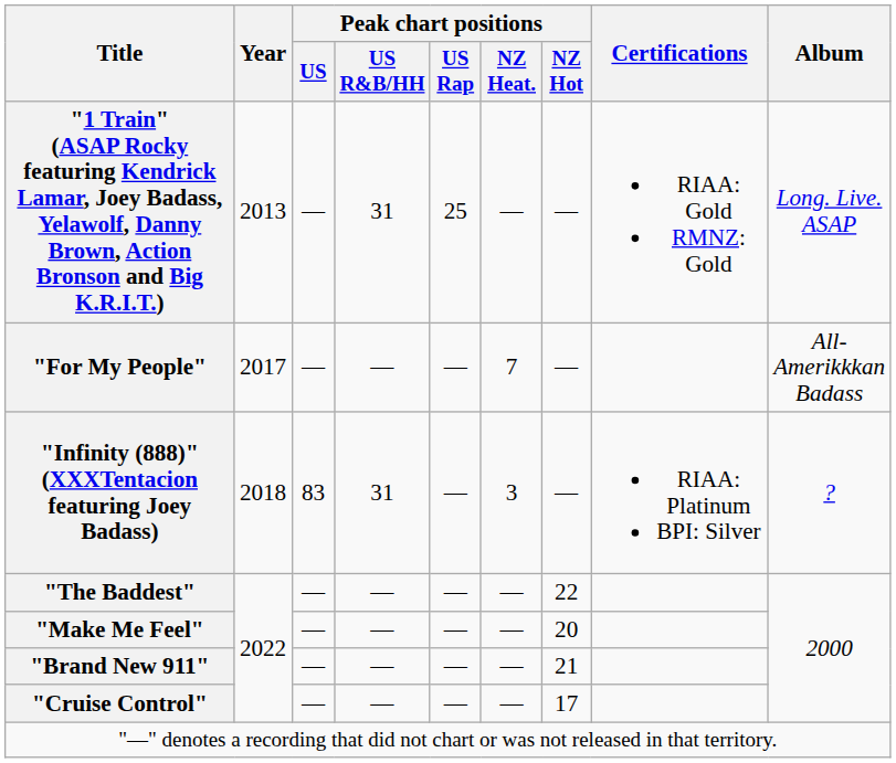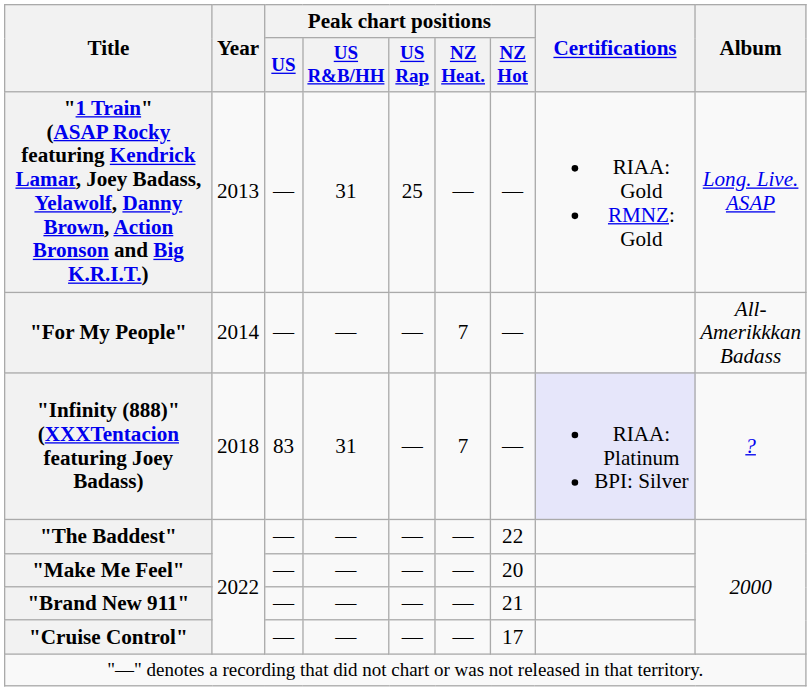 <table class="wikitable plainrowheaders" style="text-align:center;">
 <tr>
 <th scope="col" rowspan="2" style="width:22em;">Title</th>
 <th scope="col" rowspan="2">Year</th>
 <th scope="col" colspan="5">Peak chart positions</th>
 <th scope="col" rowspan="2" style="width:12em;"><a href='#'>Certifications</a></th>
 <th scope="col" rowspan="2">Album</th>
 </tr>
 <tr>
 <th scope="col" style="width:3em;font-size:90%;"><a href='#'>US</a><br></th>
 <th scope="col" style="width:3em;font-size:90%;"><a href='#'>US R&B/HH</a><br></th>
 <th scope="col" style="width:3em;font-size:90%;"><a href='#'>US Rap</a><br></th>
 <th scope="col" style="width:3em;font-size:90%;"><a href='#'>NZ<br>Heat.</a><br></th>
 <th scope="col" style="width:3em;font-size:90%;"><a href='#'>NZ<br>Hot</a><br></th>
 </tr>
 <tr>
 <th scope="row">"<a href='#'>1 Train</a>"<br><span>(<a href='#'>ASAP Rocky</a> featuring <a href='#'>Kendrick Lamar</a>, Joey Badass, <a href='#'>Yelawolf</a>, <a href='#'>Danny Brown</a>, <a href='#'>Action Bronson</a> and <a href='#'>Big K.R.I.T.</a>)</span></th>
 <td>2013</td>
 <td>—</td>
 <td>31</td>
 <td>25</td>
 <td>—</td>
 <td>—</td>
 <td><br><ul><li>RIAA: Gold</li><li><a href='#'>RMNZ</a>: Gold</li></ul></td>
 <td><em><a href='#'>Long. Live. ASAP</a></em></td>
 </tr>
 <tr>
 <th scope="row">"For My People"</th>
-<td>2017</td>
+<td>2014</td>
 <td>—</td>
 <td>—</td>
 <td>—</td>
 <td>7</td>
 <td>—</td>
 <td></td>
 <td><em>All-Amerikkkan Badass</em></td>
 </tr>
 <tr>
 <th scope="row">"Infinity (888)"<br><span>(<a href='#'>XXXTentacion</a> featuring Joey Badass)</span></th>
 <td>2018</td>
 <td>83</td>
 <td>31</td>
 <td>—</td>
-<td>3</td>
+<td>7</td>
 <td>—</td>
-<td><br><ul><li>RIAA: Platinum</li><li>BPI: Silver</li></ul></td>
+<td style="background: lavender;"><br><ul><li>RIAA: Platinum</li><li>BPI: Silver</li></ul></td>
 <td><em><a href='#'>?</a></em></td>
 </tr>
 <tr>
 <th scope="row">"The Baddest"<br></th>
 <td rowspan="4">2022</td>
 <td>—</td>
 <td>—</td>
 <td>—</td>
 <td>—</td>
 <td>22</td>
 <td></td>
 <td rowspan="4"><em>2000</em></td>
 </tr>
 <tr>
 <th scope="row">"Make Me Feel"</th>
 <td>—</td>
 <td>—</td>
 <td>—</td>
 <td>—</td>
 <td>20</td>
 <td></td>
 </tr>
 <tr>
 <th scope="row">"Brand New 911"<br></th>
 <td>—</td>
 <td>—</td>
 <td>—</td>
 <td>—</td>
 <td>21</td>
 <td></td>
 </tr>
 <tr>
 <th scope="row">"Cruise Control"</th>
 <td>—</td>
 <td>—</td>
 <td>—</td>
 <td>—</td>
 <td>17</td>
 <td></td>
 </tr>
 <tr>
 <td colspan="9" style="font-size:90%">"—" denotes a recording that did not chart or was not released in that territory.</td>
 </tr>
 </table>
